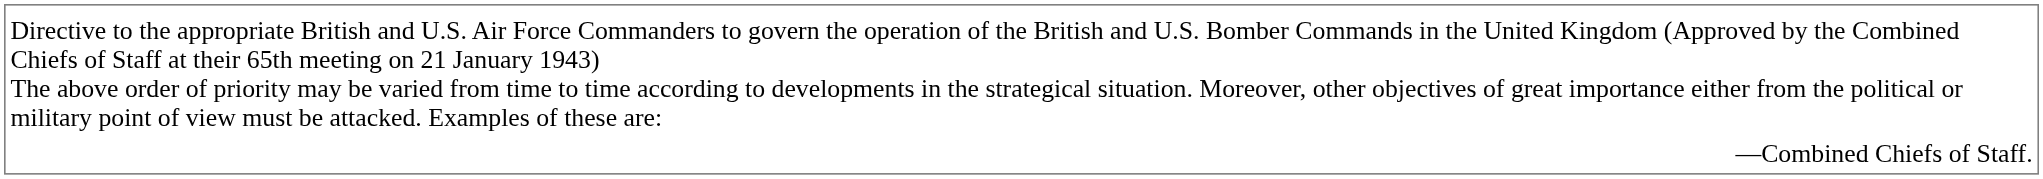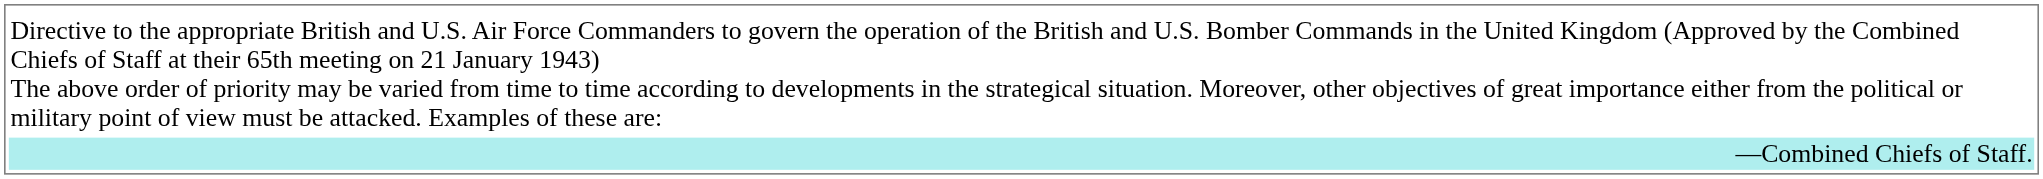 <table style=" border:1px solid grey;">
 <tr>
 <td></td>
 </tr>
 <tr>
 <td>Directive to the appropriate British and U.S. Air Force Commanders to govern the operation of the British and U.S. Bomber Commands in the United Kingdom (Approved by the Combined Chiefs of Staff at their 65th meeting on 21 January 1943)<br>The above order of priority may be varied from time to time according to developments in the strategical situation. Moreover, other objectives of great importance either from the political or military point of view must be attacked. Examples of these are:</td>
 </tr>
 <tr>
-<td align="right">—Combined Chiefs of Staff.</td>
+<td align="right" style="background: paleturquoise;">—Combined Chiefs of Staff.</td>
 </tr>
 </table>
